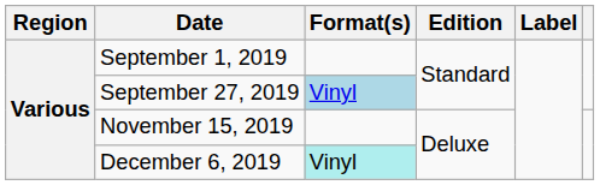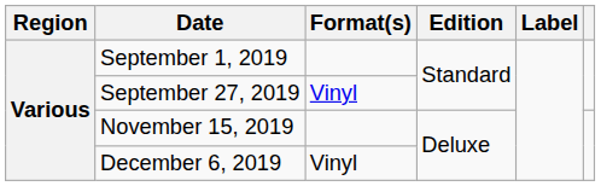 <table class="wikitable plainrowheaders">
 <tr>
 <th scope="col">Region</th>
 <th scope="col">Date</th>
 <th scope="col">Format(s)</th>
 <th>Edition</th>
 <th scope="col">Label</th>
 <th scope="col"></th>
 </tr>
 <tr>
 <th rowspan="4" scope="row">Various</th>
 <td>September 1, 2019</td>
 <td></td>
 <td rowspan="2">Standard</td>
 <td rowspan="4"></td>
 <td rowspan="2" align="center"></td>
 </tr>
 <tr>
 <td>September 27, 2019</td>
-<td style="background: lightblue;"><a href='#'>Vinyl</a></td>
+<td><a href='#'>Vinyl</a></td>
 </tr>
 <tr>
 <td>November 15, 2019</td>
 <td></td>
 <td rowspan="2">Deluxe</td>
 <td rowspan="2" align="center"><br></td>
 </tr>
 <tr>
 <td>December 6, 2019</td>
-<td style="background: paleturquoise;">Vinyl</td>
+<td>Vinyl</td>
 </tr>
 </table>
